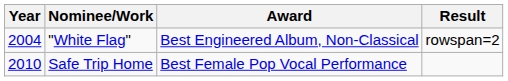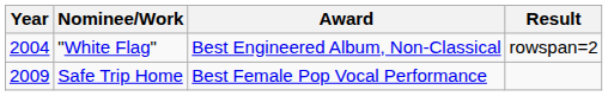 <table class="wikitable sortable">
 <tr>
 <th>Year</th>
 <th>Nominee/Work</th>
 <th>Award</th>
 <th>Result</th>
 </tr>
 <tr>
 <td><a href='#'>2004</a></td>
 <td>"<a href='#'>White Flag</a>"</td>
 <td><a href='#'>Best Engineered Album, Non-Classical</a></td>
 <td>rowspan=2 </td>
 </tr>
 <tr>
-<td><a href='#'>2010</a></td>
+<td><a href='#'>2009</a></td>
 <td><a href='#'>Safe Trip Home</a></td>
 <td><a href='#'>Best Female Pop Vocal Performance</a></td>
 </tr>
 </table>
